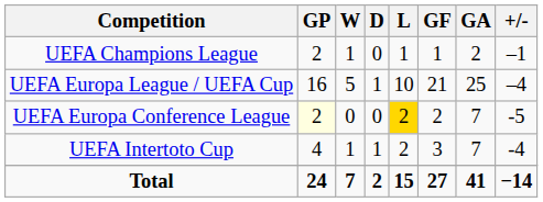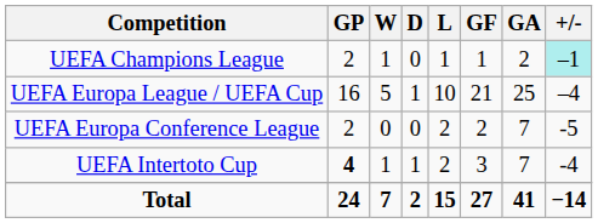 <table class="wikitable" style="text-align:center">
 <tr>
 <th>Competition</th>
 <th>GP</th>
 <th>W</th>
 <th>D</th>
 <th>L</th>
 <th>GF</th>
 <th>GA</th>
 <th>+/-</th>
 </tr>
 <tr>
 <td><a href='#'>UEFA Champions League</a></td>
 <td>2</td>
 <td>1</td>
 <td>0</td>
 <td>1</td>
 <td>1</td>
 <td>2</td>
-<td>–1</td>
+<td style="background: paleturquoise;">–1</td>
 </tr>
 <tr>
 <td><a href='#'>UEFA Europa League / UEFA Cup</a></td>
 <td>16</td>
 <td>5</td>
 <td>1</td>
 <td>10</td>
 <td>21</td>
 <td>25</td>
 <td>–4</td>
 </tr>
 <tr>
 <td><a href='#'>UEFA Europa Conference League</a></td>
-<td style="background: lightyellow;">2</td>
+<td>2</td>
 <td>0</td>
 <td>0</td>
-<td style="background: gold;">2</td>
+<td>2</td>
 <td>2</td>
 <td>7</td>
 <td>-5</td>
 </tr>
 <tr>
 <td><a href='#'>UEFA Intertoto Cup</a></td>
-<td>4</td>
+<td><strong>4</strong></td>
 <td>1</td>
 <td>1</td>
 <td>2</td>
 <td>3</td>
 <td>7</td>
 <td>-4</td>
 </tr>
 <tr>
 </tr>
 <tr class="unsortable">
 <td><strong>Total</strong></td>
 <td><strong>24</strong></td>
 <td><strong>7</strong></td>
 <td><strong>2</strong></td>
 <td><strong>15</strong></td>
 <td><strong>27</strong></td>
 <td><strong>41</strong></td>
 <td><strong>−14</strong></td>
 </tr>
 </table>
